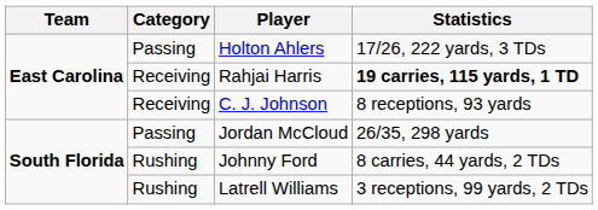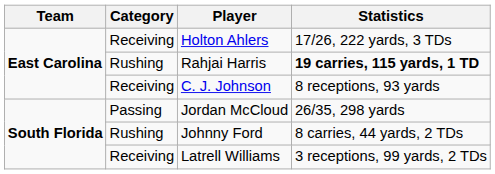 <table class="wikitable" style="float: left;">
 <tr>
 <th>Team</th>
 <th>Category</th>
 <th>Player</th>
 <th>Statistics</th>
 </tr>
 <tr>
 <td rowspan=3><strong>East Carolina</strong></td>
-<td>Passing</td>
+<td>Receiving</td>
 <td><a href='#'>Holton Ahlers</a></td>
 <td>17/26, 222 yards, 3 TDs</td>
 </tr>
 <tr>
-<td>Receiving</td>
+<td>Rushing</td>
 <td>Rahjai Harris</td>
 <td><strong>19 carries, 115 yards, 1 TD</strong></td>
 </tr>
 <tr>
 <td>Receiving</td>
 <td><a href='#'>C. J. Johnson</a></td>
 <td>8 receptions, 93 yards</td>
 </tr>
 <tr>
 <td rowspan=3><strong>South Florida</strong></td>
 <td>Passing</td>
 <td>Jordan McCloud</td>
 <td>26/35, 298 yards</td>
 </tr>
 <tr>
 <td>Rushing</td>
 <td>Johnny Ford</td>
 <td>8 carries, 44 yards, 2 TDs</td>
 </tr>
 <tr>
-<td>Rushing</td>
+<td>Receiving</td>
 <td>Latrell Williams</td>
 <td>3 receptions, 99 yards, 2 TDs</td>
 </tr>
 </table>
